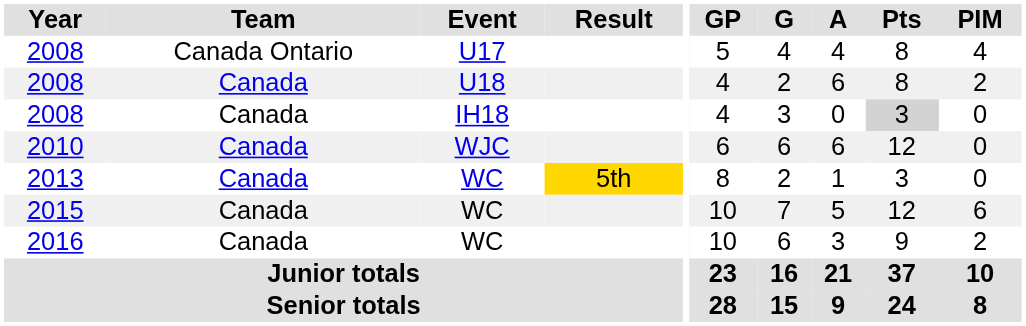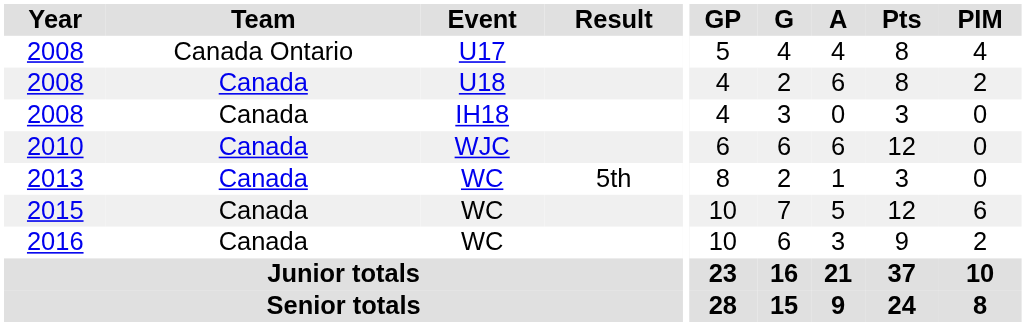 <table border="0" cellpadding="1" cellspacing="0" ID="Table3" style="text-align:center; width:40em;">
 <tr bgcolor="#e0e0e0">
 <th>Year</th>
 <th>Team</th>
 <th>Event</th>
 <th>Result</th>
 <th rowspan="99" bgcolor="#ffffff"></th>
 <th>GP</th>
 <th>G</th>
 <th>A</th>
 <th>Pts</th>
 <th>PIM</th>
 </tr>
 <tr>
 <td><a href='#'>2008</a></td>
 <td>Canada Ontario</td>
 <td><a href='#'>U17</a></td>
 <td></td>
 <td>5</td>
 <td>4</td>
 <td>4</td>
 <td>8</td>
 <td>4</td>
 </tr>
 <tr bgcolor="#f0f0f0">
 <td><a href='#'>2008</a></td>
 <td><a href='#'>Canada</a></td>
 <td><a href='#'>U18</a></td>
 <td></td>
 <td>4</td>
 <td>2</td>
 <td>6</td>
 <td>8</td>
 <td>2</td>
 </tr>
 <tr>
 <td><a href='#'>2008</a></td>
 <td>Canada</td>
 <td><a href='#'>IH18</a></td>
 <td></td>
 <td>4</td>
 <td>3</td>
 <td>0</td>
-<td style="background: lightgrey;">3</td>
+<td>3</td>
 <td>0</td>
 </tr>
 <tr bgcolor="#f0f0f0">
 <td><a href='#'>2010</a></td>
 <td><a href='#'>Canada</a></td>
 <td><a href='#'>WJC</a></td>
 <td></td>
 <td>6</td>
 <td>6</td>
 <td>6</td>
 <td>12</td>
 <td>0</td>
 </tr>
 <tr>
 <td><a href='#'>2013</a></td>
 <td><a href='#'>Canada</a></td>
 <td><a href='#'>WC</a></td>
-<td style="background: gold;">5th</td>
+<td>5th</td>
 <td>8</td>
 <td>2</td>
 <td>1</td>
 <td>3</td>
 <td>0</td>
 </tr>
 <tr bgcolor="#f0f0f0">
 <td><a href='#'>2015</a></td>
 <td>Canada</td>
 <td>WC</td>
 <td></td>
 <td>10</td>
 <td>7</td>
 <td>5</td>
 <td>12</td>
 <td>6</td>
 </tr>
 <tr>
 <td><a href='#'>2016</a></td>
 <td>Canada</td>
 <td>WC</td>
 <td></td>
 <td>10</td>
 <td>6</td>
 <td>3</td>
 <td>9</td>
 <td>2</td>
 </tr>
 <tr bgcolor="#e0e0e0">
 <th colspan="4">Junior totals</th>
 <th>23</th>
 <th>16</th>
 <th>21</th>
 <th>37</th>
 <th>10</th>
 </tr>
 <tr bgcolor="#e0e0e0">
 <th colspan="4">Senior totals</th>
 <th>28</th>
 <th>15</th>
 <th>9</th>
 <th>24</th>
 <th>8</th>
 </tr>
 </table>
